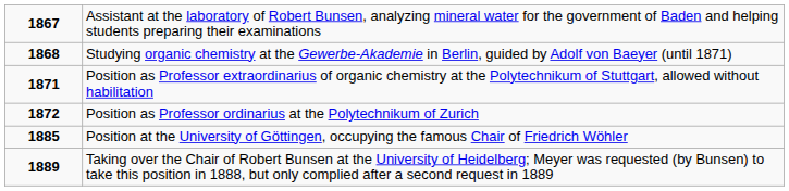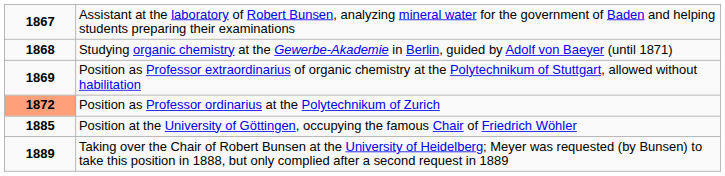 <table class="wikitable" width="70%">
 <tr>
 <td style="text-align:center;width:10%;"><strong>1867</strong></td>
 <td>Assistant at the <a href='#'>laboratory</a> of <a href='#'>Robert Bunsen</a>, analyzing <a href='#'>mineral water</a> for the government of <a href='#'>Baden</a> and helping students preparing their examinations</td>
 </tr>
 <tr>
 <td style="text-align:center;width:10%;"><strong>1868</strong></td>
 <td>Studying <a href='#'>organic chemistry</a> at the <em><a href='#'>Gewerbe-Akademie</a></em> in <a href='#'>Berlin</a>, guided by <a href='#'>Adolf von Baeyer</a> (until 1871)</td>
 </tr>
 <tr>
-<td style="text-align:center;width:10%;"><strong>1871</strong></td>
+<td style="text-align:center;width:10%;"><strong>1869</strong></td>
 <td>Position as <a href='#'>Professor extraordinarius</a> of organic chemistry at the <a href='#'>Polytechnikum of Stuttgart</a>, allowed without <a href='#'>habilitation</a></td>
 </tr>
 <tr>
-<td style="text-align:center;width:10%;"><strong>1872</strong></td>
+<td style="background: lightsalmon; text-align:center;width:10%;"><strong>1872</strong></td>
 <td>Position as <a href='#'>Professor ordinarius</a> at the <a href='#'>Polytechnikum of Zurich</a></td>
 </tr>
 <tr>
 <td style="text-align:center;width:10%;"><strong>1885</strong></td>
 <td>Position at the <a href='#'>University of Göttingen</a>, occupying the famous <a href='#'>Chair</a> of <a href='#'>Friedrich Wöhler</a></td>
 </tr>
 <tr>
 <td style="text-align:center;width:10%;"><strong>1889</strong></td>
 <td>Taking over the Chair of Robert Bunsen at the <a href='#'>University of Heidelberg</a>; Meyer was requested (by Bunsen) to take this position in 1888, but only complied after a second request in 1889</td>
 </tr>
 </table>
